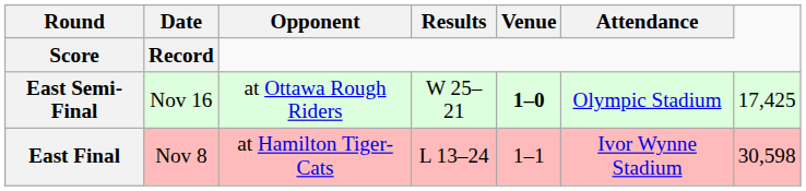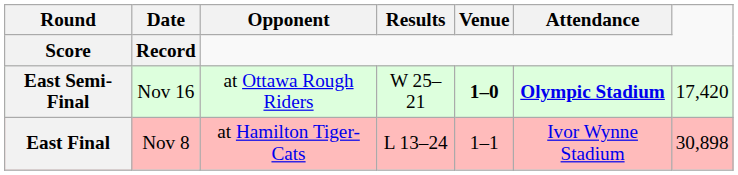 <table class="wikitable" style="text-align:center">
 <tr>
 <th>Round</th>
 <th>Date</th>
 <th>Opponent</th>
 <th>Results</th>
 <th>Venue</th>
 <th>Attendance</th>
 </tr>
 <tr>
 <th>Score</th>
 <th>Record</th>
 </tr>
 <tr style="background:#ddffdd">
 <th>East Semi-Final</th>
 <td>Nov 16</td>
 <td>at <a href='#'>Ottawa Rough Riders</a></td>
 <td>W 25–21</td>
 <td><strong>1–0</strong></td>
-<td><a href='#'>Olympic Stadium</a></td>
-<td>17,425</td>
+<td><strong><a href='#'>Olympic Stadium</a></strong></td>
+<td>17,420</td>
 </tr>
 <tr style="background:#ffbbbb">
 <th>East Final</th>
 <td>Nov 8</td>
 <td>at <a href='#'>Hamilton Tiger-Cats</a></td>
 <td>L 13–24</td>
 <td>1–1</td>
 <td><a href='#'>Ivor Wynne Stadium</a></td>
-<td>30,598</td>
+<td>30,898</td>
 </tr>
 </table>
